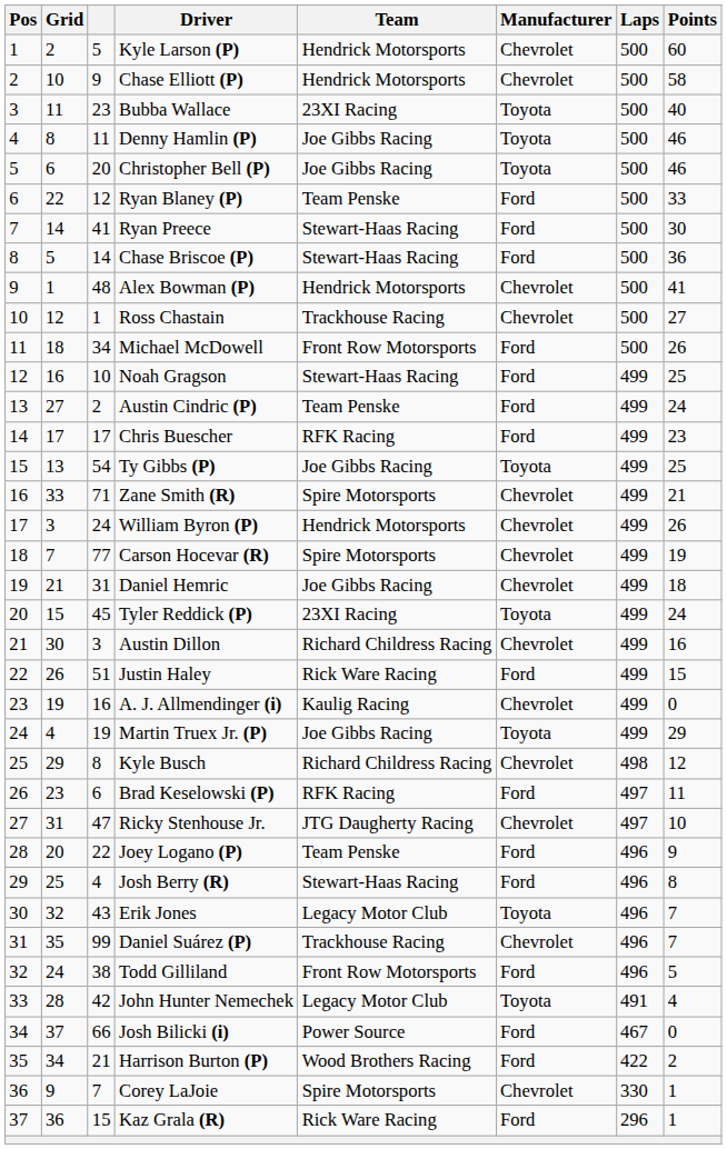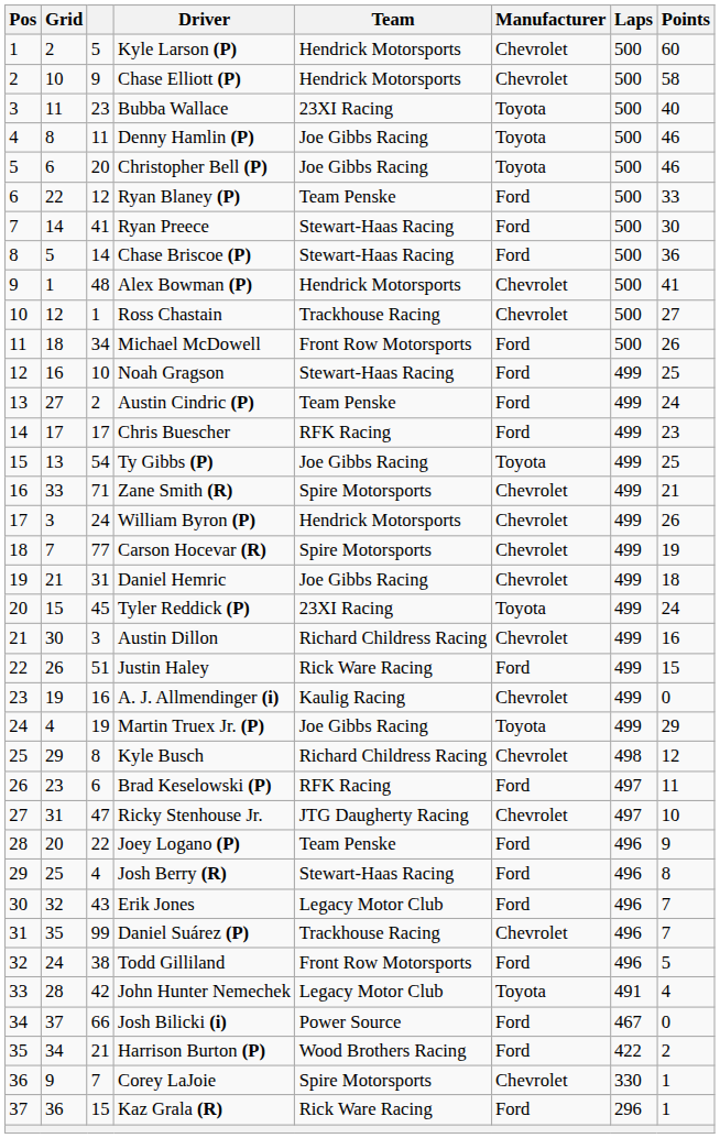 <table class="wikitable" style="font-size:98%">
 <tr>
 <th>Pos</th>
 <th>Grid</th>
 <th></th>
 <th>Driver</th>
 <th>Team</th>
 <th>Manufacturer</th>
 <th>Laps</th>
 <th>Points</th>
 </tr>
 <tr>
 <td>1</td>
 <td>2</td>
 <td>5</td>
 <td>Kyle Larson <strong>(P)</strong></td>
 <td>Hendrick Motorsports</td>
 <td>Chevrolet</td>
 <td>500</td>
 <td>60</td>
 </tr>
 <tr>
 <td>2</td>
 <td>10</td>
 <td>9</td>
 <td>Chase Elliott <strong>(P)</strong></td>
 <td>Hendrick Motorsports</td>
 <td>Chevrolet</td>
 <td>500</td>
 <td>58</td>
 </tr>
 <tr>
 <td>3</td>
 <td>11</td>
 <td>23</td>
 <td>Bubba Wallace</td>
 <td>23XI Racing</td>
 <td>Toyota</td>
 <td>500</td>
 <td>40</td>
 </tr>
 <tr>
 <td>4</td>
 <td>8</td>
 <td>11</td>
 <td>Denny Hamlin <strong>(P)</strong></td>
 <td>Joe Gibbs Racing</td>
 <td>Toyota</td>
 <td>500</td>
 <td>46</td>
 </tr>
 <tr>
 <td>5</td>
 <td>6</td>
 <td>20</td>
 <td>Christopher Bell <strong>(P)</strong></td>
 <td>Joe Gibbs Racing</td>
 <td>Toyota</td>
 <td>500</td>
 <td>46</td>
 </tr>
 <tr>
 <td>6</td>
 <td>22</td>
 <td>12</td>
 <td>Ryan Blaney <strong>(P)</strong></td>
 <td>Team Penske</td>
 <td>Ford</td>
 <td>500</td>
 <td>33</td>
 </tr>
 <tr>
 <td>7</td>
 <td>14</td>
 <td>41</td>
 <td>Ryan Preece</td>
 <td>Stewart-Haas Racing</td>
 <td>Ford</td>
 <td>500</td>
 <td>30</td>
 </tr>
 <tr>
 <td>8</td>
 <td>5</td>
 <td>14</td>
 <td>Chase Briscoe <strong>(P)</strong></td>
 <td>Stewart-Haas Racing</td>
 <td>Ford</td>
 <td>500</td>
 <td>36</td>
 </tr>
 <tr>
 <td>9</td>
 <td>1</td>
 <td>48</td>
 <td>Alex Bowman <strong>(P)</strong></td>
 <td>Hendrick Motorsports</td>
 <td>Chevrolet</td>
 <td>500</td>
 <td>41</td>
 </tr>
 <tr>
 <td>10</td>
 <td>12</td>
 <td>1</td>
 <td>Ross Chastain</td>
 <td>Trackhouse Racing</td>
 <td>Chevrolet</td>
 <td>500</td>
 <td>27</td>
 </tr>
 <tr>
 <td>11</td>
 <td>18</td>
 <td>34</td>
 <td>Michael McDowell</td>
 <td>Front Row Motorsports</td>
 <td>Ford</td>
 <td>500</td>
 <td>26</td>
 </tr>
 <tr>
 <td>12</td>
 <td>16</td>
 <td>10</td>
 <td>Noah Gragson</td>
 <td>Stewart-Haas Racing</td>
 <td>Ford</td>
 <td>499</td>
 <td>25</td>
 </tr>
 <tr>
 <td>13</td>
 <td>27</td>
 <td>2</td>
 <td>Austin Cindric <strong>(P)</strong></td>
 <td>Team Penske</td>
 <td>Ford</td>
 <td>499</td>
 <td>24</td>
 </tr>
 <tr>
 <td>14</td>
 <td>17</td>
 <td>17</td>
 <td>Chris Buescher</td>
 <td>RFK Racing</td>
 <td>Ford</td>
 <td>499</td>
 <td>23</td>
 </tr>
 <tr>
 <td>15</td>
 <td>13</td>
 <td>54</td>
 <td>Ty Gibbs <strong>(P)</strong></td>
 <td>Joe Gibbs Racing</td>
 <td>Toyota</td>
 <td>499</td>
 <td>25</td>
 </tr>
 <tr>
 <td>16</td>
 <td>33</td>
 <td>71</td>
 <td>Zane Smith <strong>(R)</strong></td>
 <td>Spire Motorsports</td>
 <td>Chevrolet</td>
 <td>499</td>
 <td>21</td>
 </tr>
 <tr>
 <td>17</td>
 <td>3</td>
 <td>24</td>
 <td>William Byron <strong>(P)</strong></td>
 <td>Hendrick Motorsports</td>
 <td>Chevrolet</td>
 <td>499</td>
 <td>26</td>
 </tr>
 <tr>
 <td>18</td>
 <td>7</td>
 <td>77</td>
 <td>Carson Hocevar <strong>(R)</strong></td>
 <td>Spire Motorsports</td>
 <td>Chevrolet</td>
 <td>499</td>
 <td>19</td>
 </tr>
 <tr>
 <td>19</td>
 <td>21</td>
 <td>31</td>
 <td>Daniel Hemric</td>
 <td>Joe Gibbs Racing</td>
 <td>Chevrolet</td>
 <td>499</td>
 <td>18</td>
 </tr>
 <tr>
 <td>20</td>
 <td>15</td>
 <td>45</td>
 <td>Tyler Reddick <strong>(P)</strong></td>
 <td>23XI Racing</td>
 <td>Toyota</td>
 <td>499</td>
 <td>24</td>
 </tr>
 <tr>
 <td>21</td>
 <td>30</td>
 <td>3</td>
 <td>Austin Dillon</td>
 <td>Richard Childress Racing</td>
 <td>Chevrolet</td>
 <td>499</td>
 <td>16</td>
 </tr>
 <tr>
 <td>22</td>
 <td>26</td>
 <td>51</td>
 <td>Justin Haley</td>
 <td>Rick Ware Racing</td>
 <td>Ford</td>
 <td>499</td>
 <td>15</td>
 </tr>
 <tr>
 <td>23</td>
 <td>19</td>
 <td>16</td>
 <td>A. J. Allmendinger <strong>(i)</strong></td>
 <td>Kaulig Racing</td>
 <td>Chevrolet</td>
 <td>499</td>
 <td>0</td>
 </tr>
 <tr>
 <td>24</td>
 <td>4</td>
 <td>19</td>
 <td>Martin Truex Jr. <strong>(P)</strong></td>
 <td>Joe Gibbs Racing</td>
 <td>Toyota</td>
 <td>499</td>
 <td>29</td>
 </tr>
 <tr>
 <td>25</td>
 <td>29</td>
 <td>8</td>
 <td>Kyle Busch</td>
 <td>Richard Childress Racing</td>
 <td>Chevrolet</td>
 <td>498</td>
 <td>12</td>
 </tr>
 <tr>
 <td>26</td>
 <td>23</td>
 <td>6</td>
 <td>Brad Keselowski <strong>(P)</strong></td>
 <td>RFK Racing</td>
 <td>Ford</td>
 <td>497</td>
 <td>11</td>
 </tr>
 <tr>
 <td>27</td>
 <td>31</td>
 <td>47</td>
 <td>Ricky Stenhouse Jr.</td>
 <td>JTG Daugherty Racing</td>
 <td>Chevrolet</td>
 <td>497</td>
 <td>10</td>
 </tr>
 <tr>
 <td>28</td>
 <td>20</td>
 <td>22</td>
 <td>Joey Logano <strong>(P)</strong></td>
 <td>Team Penske</td>
 <td>Ford</td>
 <td>496</td>
 <td>9</td>
 </tr>
 <tr>
 <td>29</td>
 <td>25</td>
 <td>4</td>
 <td>Josh Berry <strong>(R)</strong></td>
 <td>Stewart-Haas Racing</td>
 <td>Ford</td>
 <td>496</td>
 <td>8</td>
 </tr>
 <tr>
 <td>30</td>
 <td>32</td>
 <td>43</td>
 <td>Erik Jones</td>
 <td>Legacy Motor Club</td>
-<td>Toyota</td>
+<td>Ford</td>
 <td>496</td>
 <td>7</td>
 </tr>
 <tr>
 <td>31</td>
 <td>35</td>
 <td>99</td>
 <td>Daniel Suárez <strong>(P)</strong></td>
 <td>Trackhouse Racing</td>
 <td>Chevrolet</td>
 <td>496</td>
 <td>7</td>
 </tr>
 <tr>
 <td>32</td>
 <td>24</td>
 <td>38</td>
 <td>Todd Gilliland</td>
 <td>Front Row Motorsports</td>
 <td>Ford</td>
 <td>496</td>
 <td>5</td>
 </tr>
 <tr>
 <td>33</td>
 <td>28</td>
 <td>42</td>
 <td>John Hunter Nemechek</td>
 <td>Legacy Motor Club</td>
 <td>Toyota</td>
 <td>491</td>
 <td>4</td>
 </tr>
 <tr>
 <td>34</td>
 <td>37</td>
 <td>66</td>
 <td>Josh Bilicki <strong>(i)</strong></td>
 <td>Power Source</td>
 <td>Ford</td>
 <td>467</td>
 <td>0</td>
 </tr>
 <tr>
 <td>35</td>
 <td>34</td>
 <td>21</td>
 <td>Harrison Burton <strong>(P)</strong></td>
 <td>Wood Brothers Racing</td>
 <td>Ford</td>
 <td>422</td>
 <td>2</td>
 </tr>
 <tr>
 <td>36</td>
 <td>9</td>
 <td>7</td>
 <td>Corey LaJoie</td>
 <td>Spire Motorsports</td>
 <td>Chevrolet</td>
 <td>330</td>
 <td>1</td>
 </tr>
 <tr>
 <td>37</td>
 <td>36</td>
 <td>15</td>
 <td>Kaz Grala <strong>(R)</strong></td>
 <td>Rick Ware Racing</td>
 <td>Ford</td>
 <td>296</td>
 <td>1</td>
 </tr>
 <tr>
 <th colspan="8"></th>
 </tr>
 </table>
